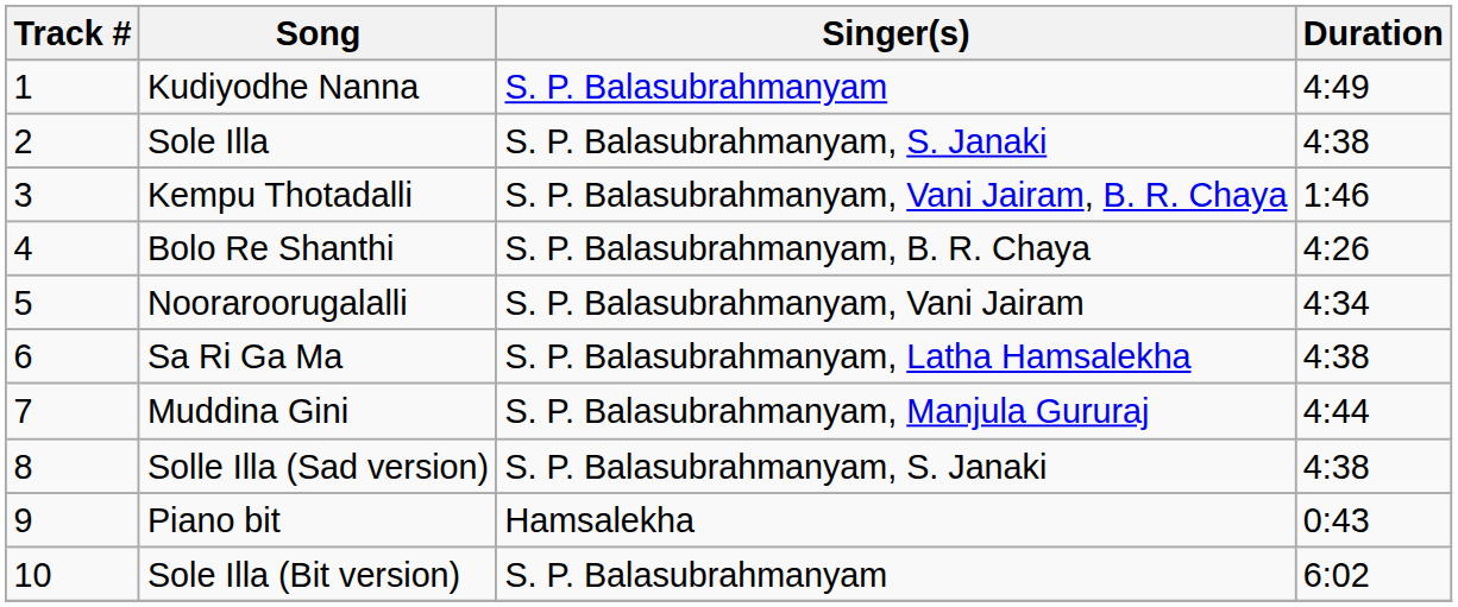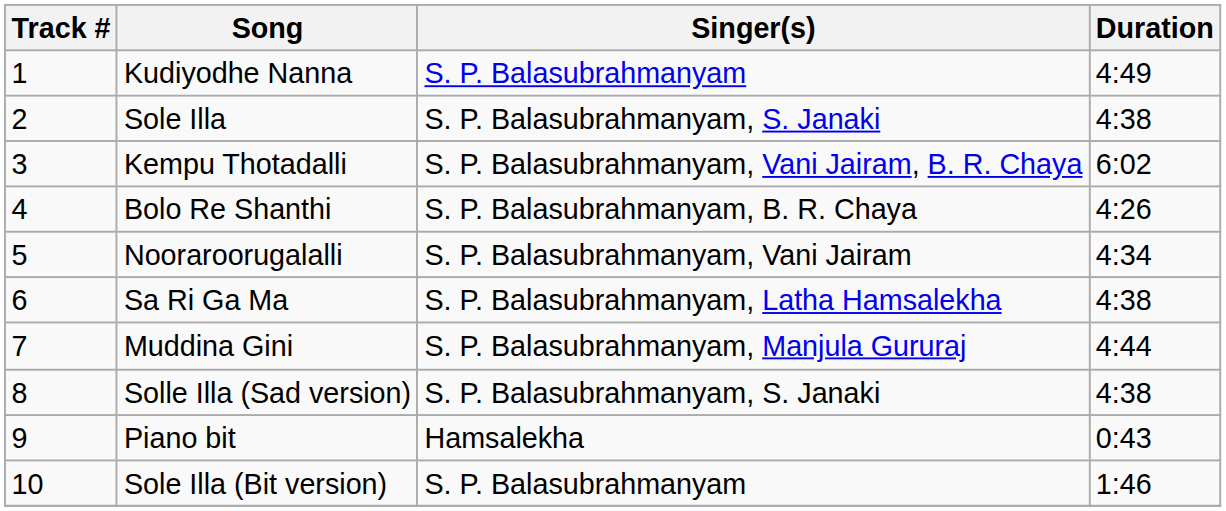 <table class="wikitable" style="font-size:95%;">
 <tr>
 <th>Track #</th>
 <th>Song</th>
 <th>Singer(s)</th>
 <th>Duration</th>
 </tr>
 <tr>
 <td>1</td>
 <td>Kudiyodhe Nanna</td>
 <td><a href='#'>S. P. Balasubrahmanyam</a></td>
 <td>4:49</td>
 </tr>
 <tr>
 <td>2</td>
 <td>Sole Illa</td>
 <td>S. P. Balasubrahmanyam, <a href='#'>S. Janaki</a></td>
 <td>4:38</td>
 </tr>
 <tr>
 <td>3</td>
 <td>Kempu Thotadalli</td>
 <td>S. P. Balasubrahmanyam, <a href='#'>Vani Jairam</a>, <a href='#'>B. R. Chaya</a></td>
-<td>1:46</td>
+<td>6:02</td>
 </tr>
 <tr>
 <td>4</td>
 <td>Bolo Re Shanthi</td>
 <td>S. P. Balasubrahmanyam, B. R. Chaya</td>
 <td>4:26</td>
 </tr>
 <tr>
 <td>5</td>
 <td>Nooraroorugalalli</td>
 <td>S. P. Balasubrahmanyam, Vani Jairam</td>
 <td>4:34</td>
 </tr>
 <tr>
 <td>6</td>
 <td>Sa Ri Ga Ma</td>
 <td>S. P. Balasubrahmanyam, <a href='#'>Latha Hamsalekha</a></td>
 <td>4:38</td>
 </tr>
 <tr>
 <td>7</td>
 <td>Muddina Gini</td>
 <td>S. P. Balasubrahmanyam, <a href='#'>Manjula Gururaj</a></td>
 <td>4:44</td>
 </tr>
 <tr>
 <td>8</td>
 <td>Solle Illa (Sad version)</td>
 <td>S. P. Balasubrahmanyam, S. Janaki</td>
 <td>4:38</td>
 </tr>
 <tr>
 <td>9</td>
 <td>Piano bit</td>
 <td>Hamsalekha</td>
 <td>0:43</td>
 </tr>
 <tr>
 <td>10</td>
 <td>Sole Illa (Bit version)</td>
 <td>S. P. Balasubrahmanyam</td>
-<td>6:02</td>
+<td>1:46</td>
 </tr>
 <tr>
 </tr>
 </table>
